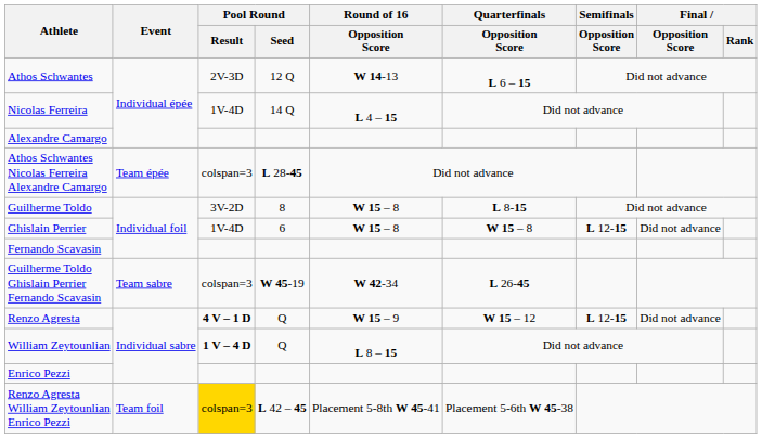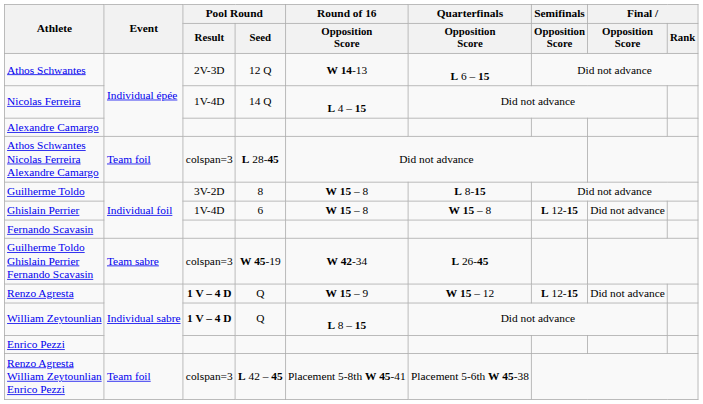 <table class=wikitable style="font-size:90%">
 <tr>
 <th rowspan="2">Athlete</th>
 <th rowspan="2">Event</th>
 <th colspan=2>Pool Round</th>
 <th>Round of 16</th>
 <th>Quarterfinals</th>
 <th>Semifinals</th>
 <th colspan=2>Final / </th>
 </tr>
 <tr style="font-size:95%">
 <th>Result</th>
 <th>Seed</th>
 <th>Opposition<br>Score</th>
 <th>Opposition<br>Score</th>
 <th>Opposition<br>Score</th>
 <th>Opposition<br>Score</th>
 <th>Rank</th>
 </tr>
 <tr align=center>
 <td align=left><a href='#'>Athos Schwantes</a></td>
 <td align=left rowspan=3><a href='#'>Individual épée</a></td>
 <td>2V-3D</td>
 <td>12 Q</td>
 <td> <strong>W</strong> <strong>14</strong>-13</td>
 <td><br><strong>L</strong> 6 – <strong>15</strong></td>
 <td align=center colspan=3>Did not advance</td>
 </tr>
 <tr align=center>
 <td align=left><a href='#'>Nicolas Ferreira</a></td>
 <td>1V-4D</td>
 <td>14 Q</td>
 <td><br><strong>L</strong> 4 – <strong>15</strong></td>
 <td align=center colspan=3>Did not advance</td>
 </tr>
 <tr align=center>
 <td align=left><a href='#'>Alexandre Camargo</a></td>
 <td></td>
 <td></td>
 <td></td>
 <td></td>
 <td></td>
 <td></td>
 <td></td>
 </tr>
 <tr align=center>
 <td align=left><a href='#'>Athos Schwantes</a><br><a href='#'>Nicolas Ferreira</a><br><a href='#'>Alexandre Camargo</a></td>
-<td align=left><a href='#'>Team épée</a></td>
+<td align=left><a href='#'>Team foil</a></td>
 <td>colspan=3 </td>
 <td> <strong>L</strong> 28-<strong>45</strong></td>
 <td align=center colspan=3>Did not advance</td>
 </tr>
 <tr align=center>
 <td align=left><a href='#'>Guilherme Toldo</a></td>
 <td align=left rowspan=3><a href='#'>Individual foil</a></td>
 <td>3V-2D</td>
 <td>8</td>
 <td><strong>W</strong> <strong>15</strong> – 8</td>
 <td> <strong>L</strong> 8-<strong>15</strong></td>
 <td align=center colspan=3>Did not advance</td>
 </tr>
 <tr align=center>
 <td align=left><a href='#'>Ghislain Perrier</a></td>
 <td>1V-4D</td>
 <td>6</td>
 <td><strong>W</strong> <strong>15</strong> – 8</td>
 <td><strong>W</strong> <strong>15</strong> – 8</td>
 <td> <strong>L</strong> 12-<strong>15</strong></td>
 <td>Did not advance</td>
 <td></td>
 </tr>
 <tr align=center>
 <td align=left><a href='#'>Fernando Scavasin</a></td>
 <td></td>
 <td></td>
 <td></td>
 <td></td>
 <td></td>
 <td></td>
 <td></td>
 </tr>
 <tr align=center>
 <td align=left><a href='#'>Guilherme Toldo</a><br><a href='#'>Ghislain Perrier</a><br><a href='#'>Fernando Scavasin</a></td>
 <td align=left><a href='#'>Team sabre</a></td>
 <td>colspan=3 </td>
 <td> <strong>W</strong> <strong>45</strong>-19</td>
 <td> <strong>W</strong> <strong>42</strong>-34</td>
 <td> <strong>L</strong> 26-<strong>45</strong></td>
 <td></td>
 </tr>
 <tr align=center>
 <td align=left><a href='#'>Renzo Agresta</a></td>
 <td align=left rowspan=3><a href='#'>Individual sabre</a></td>
-<td><strong>4 V – 1 D</strong></td>
+<td><strong>1 V – 4 D</strong></td>
 <td>Q</td>
 <td><strong>W</strong> <strong>15</strong> – 9</td>
 <td> <strong>W</strong> <strong>15</strong> – 12</td>
 <td> <strong>L</strong> 12-<strong>15</strong></td>
 <td>Did not advance</td>
 <td></td>
 </tr>
 <tr align=center>
 <td align=left><a href='#'>William Zeytounlian</a></td>
 <td><strong>1 V – 4 D</strong></td>
 <td>Q</td>
 <td><br><strong>L</strong> 8 – <strong>15</strong></td>
 <td align=center colspan=3>Did not advance</td>
 </tr>
 <tr align=center>
 <td align=left><a href='#'>Enrico Pezzi</a></td>
 <td></td>
 <td></td>
 <td></td>
 <td></td>
 <td></td>
 <td></td>
 <td></td>
 </tr>
 <tr align=center>
 <td align=left><a href='#'>Renzo Agresta</a><br><a href='#'>William Zeytounlian</a><br><a href='#'>Enrico Pezzi</a></td>
 <td align=left><a href='#'>Team foil</a></td>
-<td style="background: gold;">colspan=3 </td>
+<td>colspan=3 </td>
 <td><strong>L</strong> 42 – <strong>45</strong></td>
 <td>Placement 5-8th  <strong>W</strong> <strong>45</strong>-41</td>
 <td>Placement 5-6th  <strong>W</strong> <strong>45</strong>-38</td>
 </tr>
 </table>
